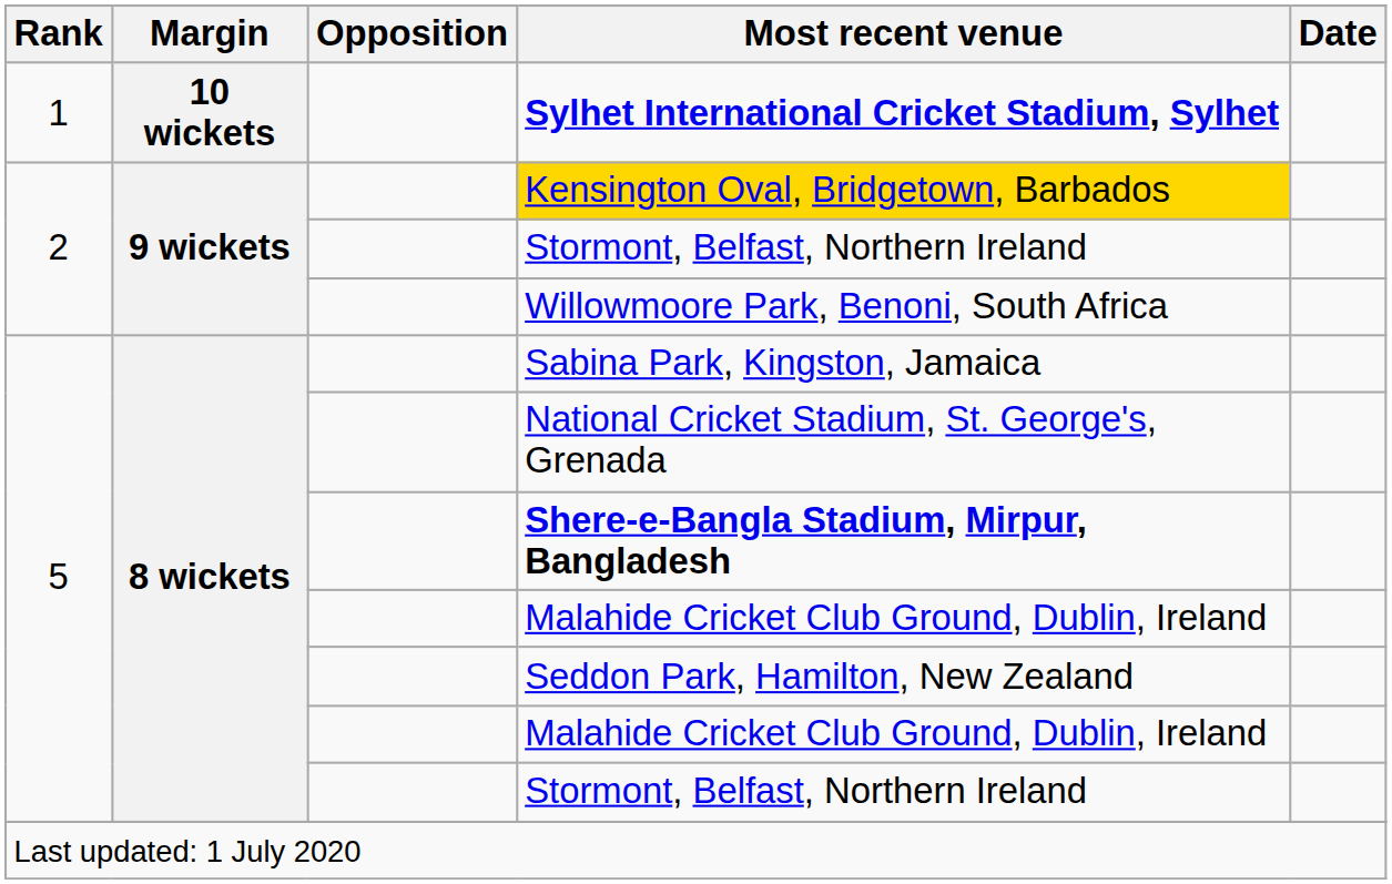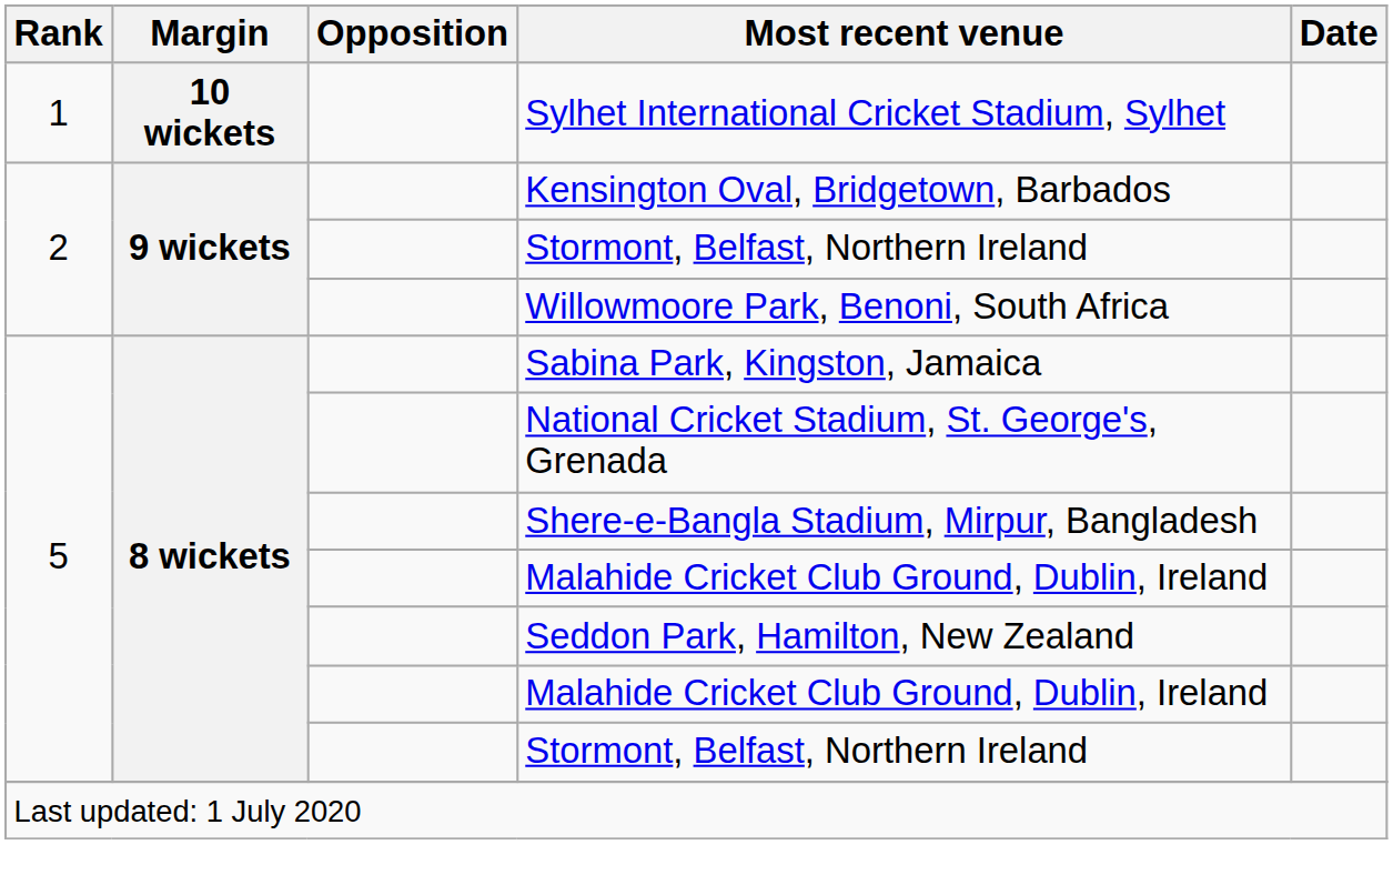 <table class="wikitable plainrowheaders sortable">
 <tr>
 <th scope=col>Rank</th>
 <th scope=col>Margin</th>
 <th scope=col>Opposition</th>
 <th scope=col>Most recent venue</th>
 <th scope=col>Date</th>
 </tr>
 <tr>
 <td align=center rowspan=1>1</td>
 <th scope=row style=text-align:center; rowspan=1>10 wickets</th>
 <td></td>
-<td><strong><a href='#'>Sylhet International Cricket Stadium</a>, <a href='#'>Sylhet</a></strong></td>
+<td><a href='#'>Sylhet International Cricket Stadium</a>, <a href='#'>Sylhet</a></td>
 <td> </td>
 </tr>
 <tr>
 <td align=center rowspan=3>2</td>
 <th scope=row style=text-align:center; rowspan=3>9 wickets</th>
 <td></td>
-<td style="background: gold;"><a href='#'>Kensington Oval</a>, <a href='#'>Bridgetown</a>, Barbados</td>
+<td><a href='#'>Kensington Oval</a>, <a href='#'>Bridgetown</a>, Barbados</td>
 <td> </td>
 </tr>
 <tr>
 <td></td>
 <td><a href='#'>Stormont</a>, <a href='#'>Belfast</a>, Northern Ireland</td>
 <td></td>
 </tr>
 <tr>
 <td></td>
 <td><a href='#'>Willowmoore Park</a>, <a href='#'>Benoni</a>, South Africa</td>
 <td></td>
 </tr>
 <tr>
 <td align=center rowspan=7>5</td>
 <th scope=row style=text-align:center rowspan=7>8 wickets</th>
 <td></td>
 <td><a href='#'>Sabina Park</a>, <a href='#'>Kingston</a>, Jamaica</td>
 <td> </td>
 </tr>
 <tr>
 <td></td>
 <td><a href='#'>National Cricket Stadium</a>, <a href='#'>St. George's</a>, Grenada</td>
 <td> </td>
 </tr>
 <tr>
 <td></td>
-<td><strong><a href='#'>Shere-e-Bangla Stadium</a>, <a href='#'>Mirpur</a>, Bangladesh</strong></td>
+<td><a href='#'>Shere-e-Bangla Stadium</a>, <a href='#'>Mirpur</a>, Bangladesh</td>
 <td></td>
 </tr>
 <tr>
 <td></td>
 <td><a href='#'>Malahide Cricket Club Ground</a>, <a href='#'>Dublin</a>, Ireland</td>
 <td></td>
 </tr>
 <tr>
 <td></td>
 <td><a href='#'>Seddon Park</a>, <a href='#'>Hamilton</a>, New Zealand</td>
 <td> </td>
 </tr>
 <tr>
 <td></td>
 <td><a href='#'>Malahide Cricket Club Ground</a>, <a href='#'>Dublin</a>, Ireland</td>
 <td></td>
 </tr>
 <tr>
 <td></td>
 <td><a href='#'>Stormont</a>, <a href='#'>Belfast</a>, Northern Ireland</td>
 <td></td>
 </tr>
 <tr>
 </tr>
 <tr class=sortbottom>
 <td colspan=5><small>Last updated: 1 July 2020</small></td>
 </tr>
 </table>
